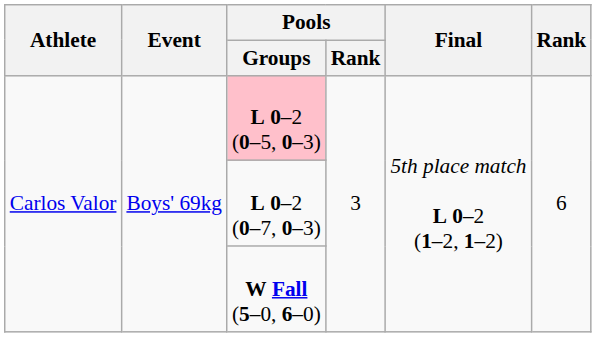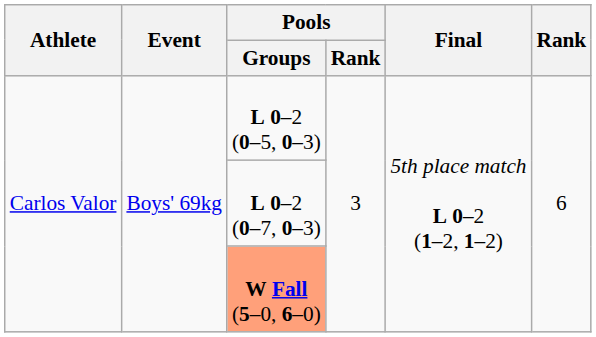 <table class="wikitable" style="text-align:left; font-size:90%">
 <tr>
 <th rowspan="2">Athlete</th>
 <th rowspan="2">Event</th>
 <th colspan="2">Pools</th>
 <th rowspan="2">Final</th>
 <th rowspan="2">Rank</th>
 </tr>
 <tr>
 <th>Groups</th>
 <th>Rank</th>
 </tr>
 <tr>
 <td rowspan="3"><a href='#'>Carlos Valor</a></td>
 <td rowspan="3"><a href='#'>Boys' 69kg</a></td>
-<td align=center style="background: pink;"><br><strong>L</strong> <strong>0</strong>–2<br>(<strong>0</strong>–5, <strong>0</strong>–3)</td>
+<td align=center><br><strong>L</strong> <strong>0</strong>–2<br>(<strong>0</strong>–5, <strong>0</strong>–3)</td>
 <td rowspan="3" align=center>3</td>
 <td align=center rowspan=3><em>5th place match</em><br><br><strong>L</strong> <strong>0</strong>–2<br>(<strong>1</strong>–2, <strong>1</strong>–2)</td>
 <td rowspan="3" align="center">6</td>
 </tr>
 <tr>
 <td align=center><br><strong>L</strong> <strong>0</strong>–2<br>(<strong>0</strong>–7, <strong>0</strong>–3)</td>
 </tr>
 <tr>
-<td align=center><br><strong>W</strong> <strong><a href='#'>Fall</a></strong><br>(<strong>5</strong>–0, <strong>6</strong>–0)</td>
+<td align=center style="background: lightsalmon;"><br><strong>W</strong> <strong><a href='#'>Fall</a></strong><br>(<strong>5</strong>–0, <strong>6</strong>–0)</td>
 </tr>
 </table>
